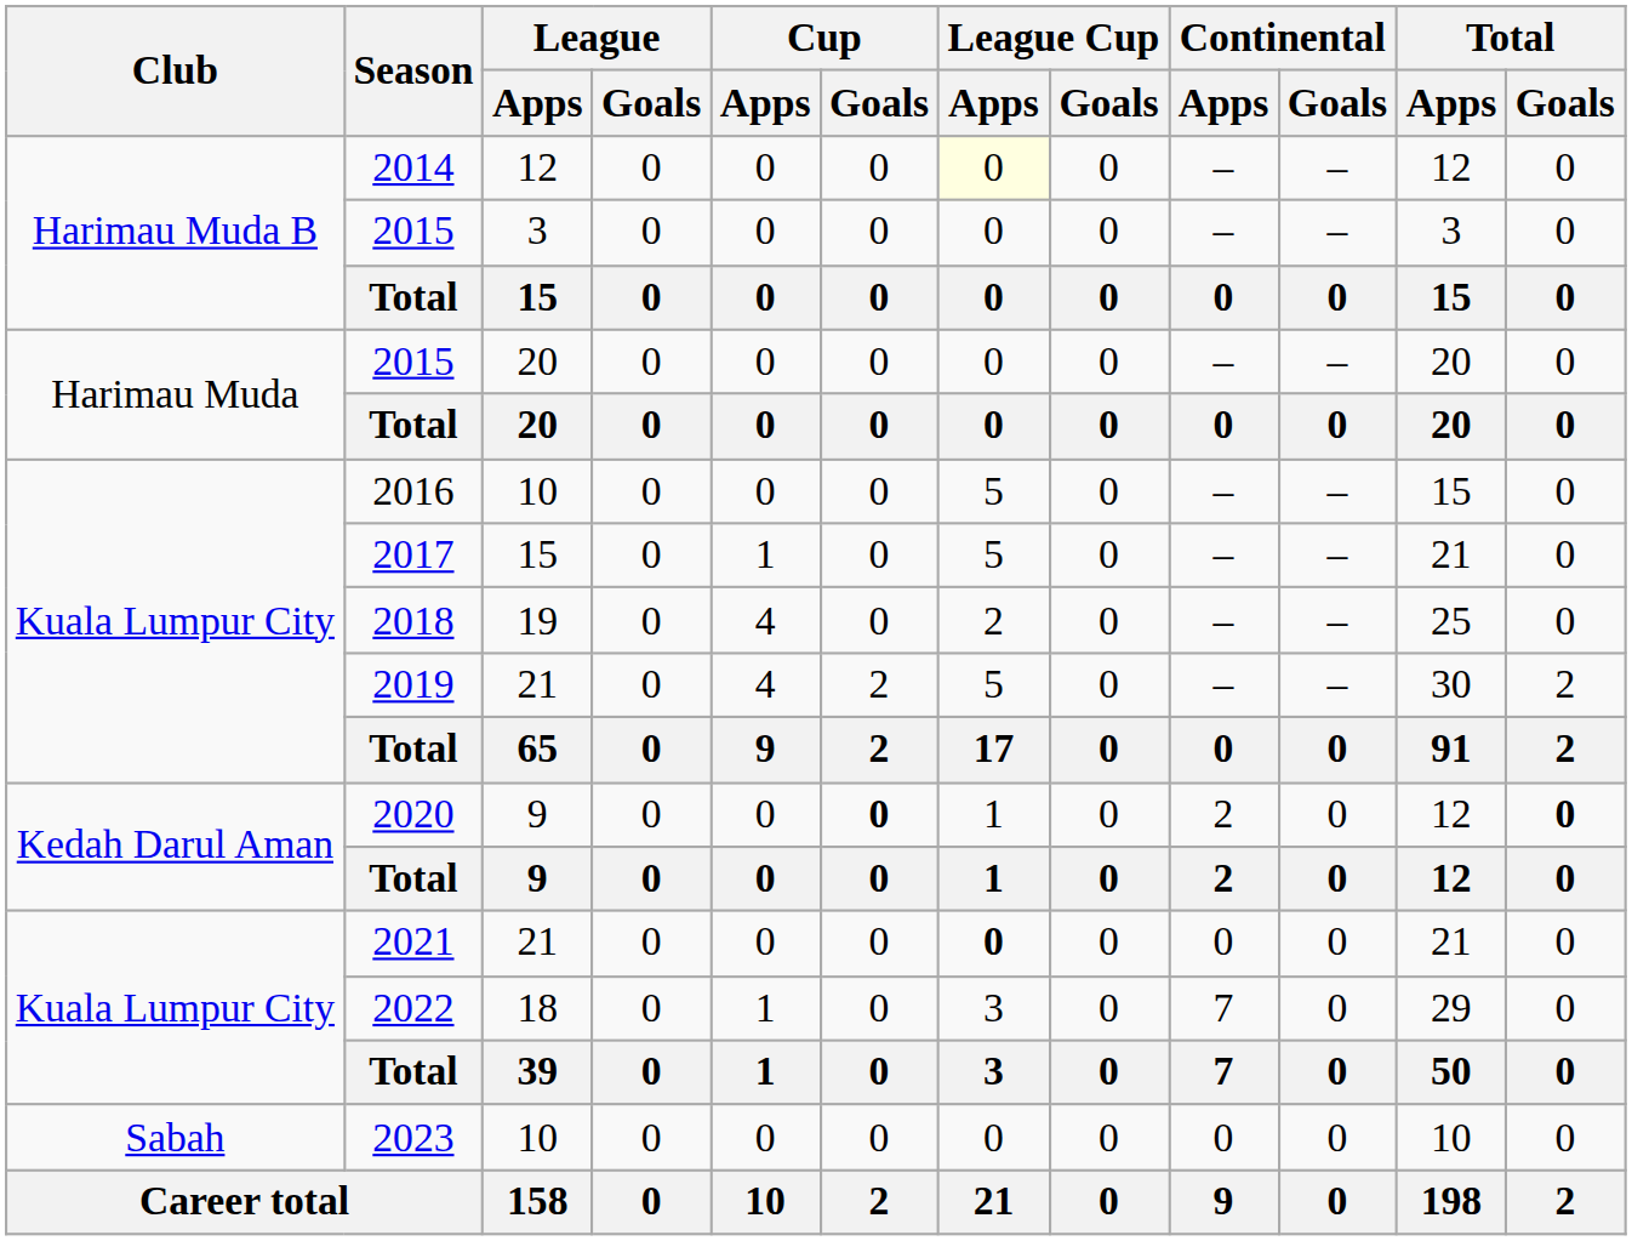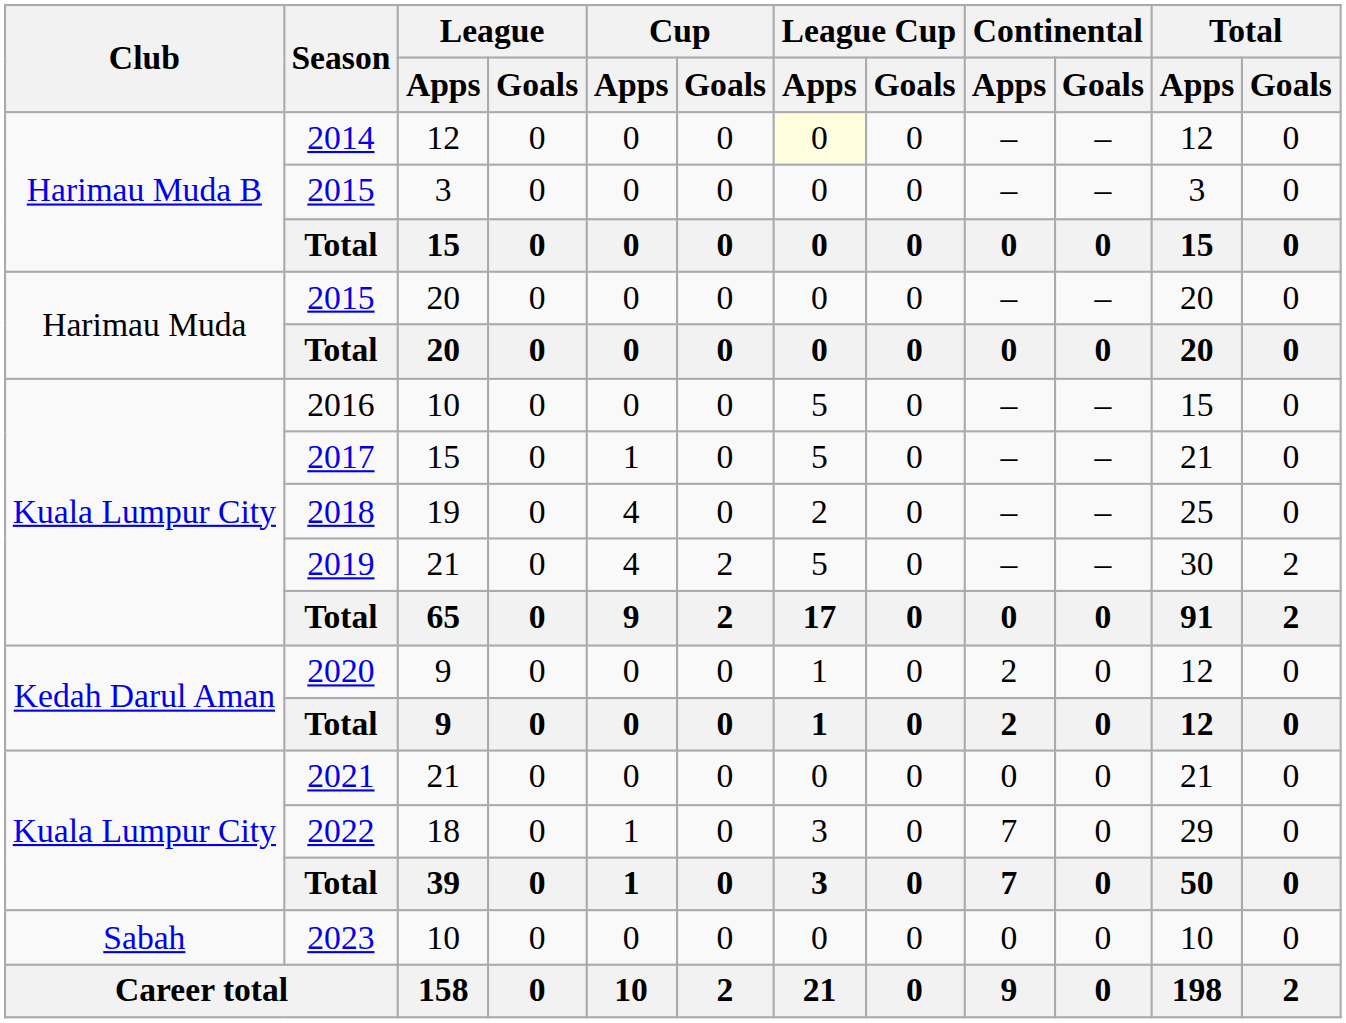 <table class="wikitable" style="text-align: center;">
 <tr>
 <th rowspan="2">Club</th>
 <th rowspan="2">Season</th>
 <th colspan="2">League</th>
 <th colspan="2">Cup</th>
 <th colspan="2">League Cup</th>
 <th colspan="2">Continental</th>
 <th colspan="2">Total</th>
 </tr>
 <tr>
 <th>Apps</th>
 <th>Goals</th>
 <th>Apps</th>
 <th>Goals</th>
 <th>Apps</th>
 <th>Goals</th>
 <th>Apps</th>
 <th>Goals</th>
 <th>Apps</th>
 <th>Goals</th>
 </tr>
 <tr>
 <td rowspan="3" valign="center"><a href='#'>Harimau Muda B</a></td>
 <td><a href='#'>2014</a></td>
 <td>12</td>
 <td>0</td>
 <td>0</td>
 <td>0</td>
 <td style="background: lightyellow;">0</td>
 <td>0</td>
 <td>–</td>
 <td>–</td>
 <td>12</td>
 <td>0</td>
 </tr>
 <tr>
 <td><a href='#'>2015</a></td>
 <td>3</td>
 <td>0</td>
 <td>0</td>
 <td>0</td>
 <td>0</td>
 <td>0</td>
 <td>–</td>
 <td>–</td>
 <td>3</td>
 <td>0</td>
 </tr>
 <tr>
 <th>Total</th>
 <th>15</th>
 <th>0</th>
 <th>0</th>
 <th>0</th>
 <th>0</th>
 <th>0</th>
 <th>0</th>
 <th>0</th>
 <th>15</th>
 <th>0</th>
 </tr>
 <tr>
 <td rowspan="2" valign="center">Harimau Muda</td>
 <td><a href='#'>2015</a></td>
 <td>20</td>
 <td>0</td>
 <td>0</td>
 <td>0</td>
 <td>0</td>
 <td>0</td>
 <td>–</td>
 <td>–</td>
 <td>20</td>
 <td>0</td>
 </tr>
 <tr>
 <th>Total</th>
 <th>20</th>
 <th>0</th>
 <th>0</th>
 <th>0</th>
 <th>0</th>
 <th>0</th>
 <th>0</th>
 <th>0</th>
 <th>20</th>
 <th>0</th>
 </tr>
 <tr>
 <td rowspan="5" valign="center"><a href='#'>Kuala Lumpur City</a></td>
 <td>2016</td>
 <td>10</td>
 <td>0</td>
 <td>0</td>
 <td>0</td>
 <td>5</td>
 <td>0</td>
 <td>–</td>
 <td>–</td>
 <td>15</td>
 <td>0</td>
 </tr>
 <tr>
 <td><a href='#'>2017</a></td>
 <td>15</td>
 <td>0</td>
 <td>1</td>
 <td>0</td>
 <td>5</td>
 <td>0</td>
 <td>–</td>
 <td>–</td>
 <td>21</td>
 <td>0</td>
 </tr>
 <tr>
 <td><a href='#'>2018</a></td>
 <td>19</td>
 <td>0</td>
 <td>4</td>
 <td>0</td>
 <td>2</td>
 <td>0</td>
 <td>–</td>
 <td>–</td>
 <td>25</td>
 <td>0</td>
 </tr>
 <tr>
 <td><a href='#'>2019</a></td>
 <td>21</td>
 <td>0</td>
 <td>4</td>
 <td>2</td>
 <td>5</td>
 <td>0</td>
 <td>–</td>
 <td>–</td>
 <td>30</td>
 <td>2</td>
 </tr>
 <tr>
 <th>Total</th>
 <th>65</th>
 <th>0</th>
 <th>9</th>
 <th>2</th>
 <th>17</th>
 <th>0</th>
 <th>0</th>
 <th>0</th>
 <th>91</th>
 <th>2</th>
 </tr>
 <tr>
 <td rowspan="2" valign="center"><a href='#'>Kedah Darul Aman</a></td>
 <td><a href='#'>2020</a></td>
 <td>9</td>
 <td>0</td>
 <td>0</td>
-<td><strong>0</strong></td>
+<td>0</td>
 <td>1</td>
 <td>0</td>
 <td>2</td>
 <td>0</td>
 <td>12</td>
-<td><strong>0</strong></td>
+<td>0</td>
 </tr>
 <tr>
 <th>Total</th>
 <th>9</th>
 <th>0</th>
 <th>0</th>
 <th>0</th>
 <th>1</th>
 <th>0</th>
 <th>2</th>
 <th>0</th>
 <th>12</th>
 <th>0</th>
 </tr>
 <tr>
 <td rowspan="3" valign="center"><a href='#'>Kuala Lumpur City</a></td>
 <td><a href='#'>2021</a></td>
 <td>21</td>
 <td>0</td>
 <td>0</td>
 <td>0</td>
-<td><strong>0</strong></td>
+<td>0</td>
 <td>0</td>
 <td>0</td>
 <td>0</td>
 <td>21</td>
 <td>0</td>
 </tr>
 <tr>
 <td><a href='#'>2022</a></td>
 <td>18</td>
 <td>0</td>
 <td>1</td>
 <td>0</td>
 <td>3</td>
 <td>0</td>
 <td>7</td>
 <td>0</td>
 <td>29</td>
 <td>0</td>
 </tr>
 <tr>
 <th>Total</th>
 <th>39</th>
 <th>0</th>
 <th>1</th>
 <th>0</th>
 <th>3</th>
 <th>0</th>
 <th>7</th>
 <th>0</th>
 <th>50</th>
 <th>0</th>
 </tr>
 <tr>
 <td rowspan="1" valign="center"><a href='#'>Sabah</a></td>
 <td><a href='#'>2023</a></td>
 <td>10</td>
 <td>0</td>
 <td>0</td>
 <td>0</td>
 <td>0</td>
 <td>0</td>
 <td>0</td>
 <td>0</td>
 <td>10</td>
 <td>0</td>
 </tr>
 <tr>
 <th colspan="2">Career total</th>
 <th>158</th>
 <th>0</th>
 <th>10</th>
 <th>2</th>
 <th>21</th>
 <th>0</th>
 <th>9</th>
 <th>0</th>
 <th>198</th>
 <th>2</th>
 </tr>
 </table>
